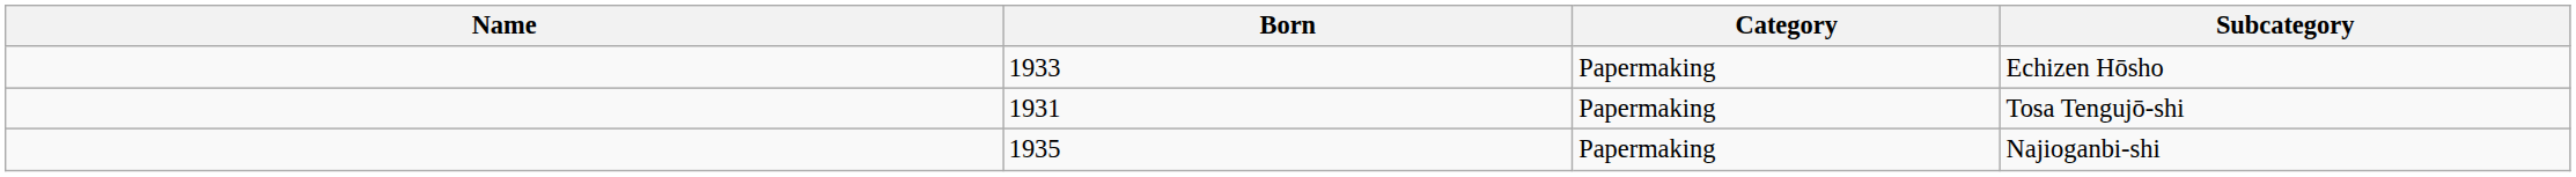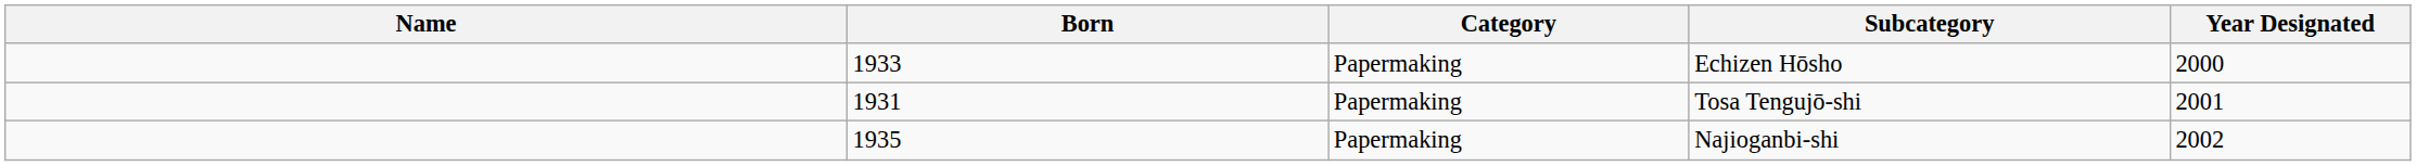 <table class="wikitable sortable"  width="100%" style="backgrōnd:#ffffff;">
 <tr>
 <th width="35%" align="left" style="backgrōnd:#ffdead;">Name</th>
 <th width="20%" align="left" style="backgrōnd:#ffdead;">Born</th>
 <th width="15%" align="left" style="backgrōnd:#ffdead;">Category</th>
 <th width="20%" align="left" style="backgrōnd:#ffdead;">Subcategory</th>
+<th width="10%" align="left" style="backgrōnd:#ffdead;">Year Designated</th>
 </tr>
 <tr>
 <td></td>
 <td>1933</td>
 <td>Papermaking</td>
 <td>Echizen Hōsho</td>
+<td>2000</td>
 </tr>
 <tr>
 <td></td>
 <td>1931</td>
 <td>Papermaking</td>
 <td>Tosa Tengujō-shi</td>
+<td>2001</td>
 </tr>
 <tr>
 <td></td>
 <td>1935</td>
 <td>Papermaking</td>
 <td>Najioganbi-shi</td>
+<td>2002</td>
 </tr>
 </table>
